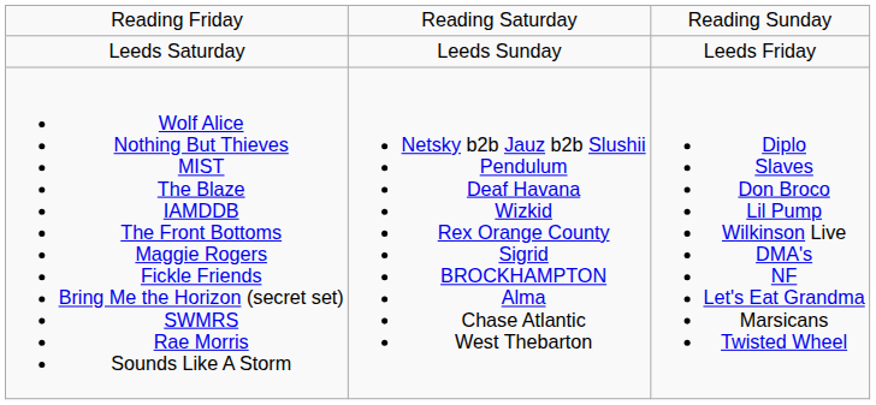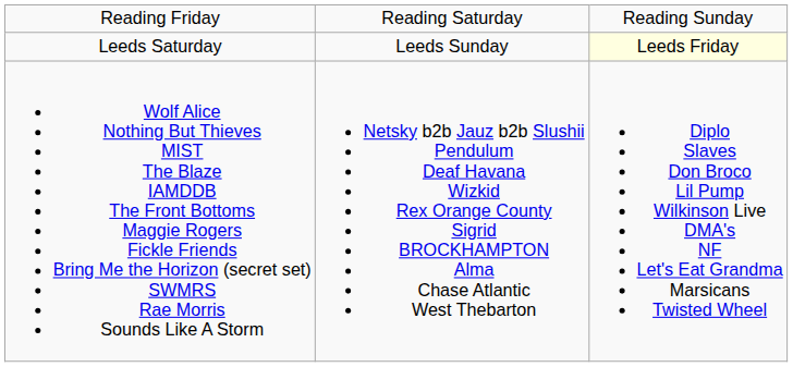 <table class="wikitable" style="text-align:center;">
 <tr>
 <td>Reading Friday</td>
 <td>Reading Saturday</td>
 <td>Reading Sunday</td>
 </tr>
 <tr>
 <td>Leeds Saturday</td>
 <td>Leeds Sunday</td>
-<td>Leeds Friday</td>
+<td style="background: lightyellow;">Leeds Friday</td>
 </tr>
 <tr>
 <td><br><ul><li><a href='#'>Wolf Alice</a></li><li><a href='#'>Nothing But Thieves</a></li><li><a href='#'>MIST</a></li><li><a href='#'>The Blaze</a></li><li><a href='#'>IAMDDB</a></li><li><a href='#'>The Front Bottoms</a></li><li><a href='#'>Maggie Rogers</a></li><li><a href='#'>Fickle Friends</a></li><li><a href='#'>Bring Me the Horizon</a> (secret set)</li><li><a href='#'>SWMRS</a></li><li><a href='#'>Rae Morris</a></li><li>Sounds Like A Storm</li></ul></td>
 <td><br><ul><li><a href='#'>Netsky</a> b2b <a href='#'>Jauz</a> b2b <a href='#'>Slushii</a></li><li><a href='#'>Pendulum</a></li><li><a href='#'>Deaf Havana</a></li><li><a href='#'>Wizkid</a></li><li><a href='#'>Rex Orange County</a></li><li><a href='#'>Sigrid</a></li><li><a href='#'>BROCKHAMPTON</a></li><li><a href='#'>Alma</a></li><li>Chase Atlantic</li><li>West Thebarton</li></ul></td>
 <td><br><ul><li><a href='#'>Diplo</a></li><li><a href='#'>Slaves</a></li><li><a href='#'>Don Broco</a></li><li><a href='#'>Lil Pump</a></li><li><a href='#'>Wilkinson</a> Live</li><li><a href='#'>DMA's</a></li><li><a href='#'>NF</a></li><li><a href='#'>Let's Eat Grandma</a></li><li>Marsicans</li><li><a href='#'>Twisted Wheel</a></li></ul></td>
 </tr>
 </table>
